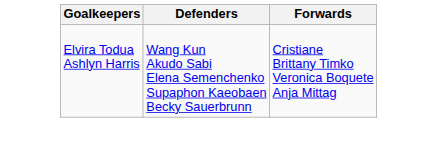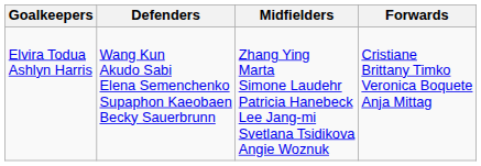 <table class="wikitable" style="margin: 0 auto;">
 <tr>
 <th>Goalkeepers</th>
 <th>Defenders</th>
+<th>Midfielders</th>
 <th>Forwards</th>
 </tr>
 <tr>
 <td valign=top><br> <a href='#'>Elvira Todua</a> <br>  <a href='#'>Ashlyn Harris</a></td>
 <td valign=top><br> <a href='#'>Wang Kun</a> <br>  <a href='#'>Akudo Sabi</a> <br>  <a href='#'>Elena Semenchenko</a> <br>  <a href='#'>Supaphon Kaeobaen</a> <br>  <a href='#'>Becky Sauerbrunn</a> <br></td>
+<td valign=top><br> <a href='#'>Zhang Ying</a> <br>  <a href='#'>Marta</a> <br>  <a href='#'>Simone Laudehr</a> <br>  <a href='#'>Patricia Hanebeck</a> <br>  <a href='#'>Lee Jang-mi</a> <br>  <a href='#'>Svetlana Tsidikova</a> <br>  <a href='#'>Angie Woznuk</a></td>
 <td valign=top><br> <a href='#'>Cristiane</a> <br>  <a href='#'>Brittany Timko</a> <br>  <a href='#'>Veronica Boquete</a> <br>  <a href='#'>Anja Mittag</a></td>
 </tr>
 </table>
